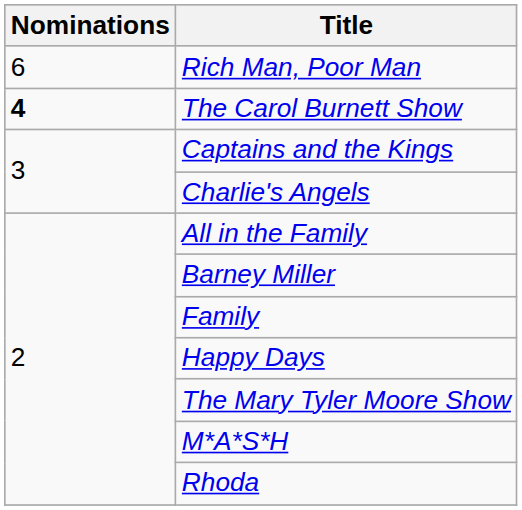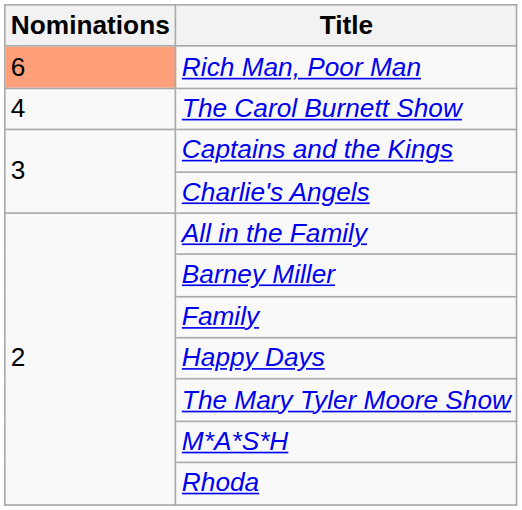 <table class="wikitable">
 <tr>
 <th>Nominations</th>
 <th>Title</th>
 </tr>
 <tr>
-<td>6</td>
+<td style="background: lightsalmon;">6</td>
 <td><em><a href='#'>Rich Man, Poor Man</a></em></td>
 </tr>
 <tr>
-<td><strong>4</strong></td>
+<td>4</td>
 <td><em><a href='#'>The Carol Burnett Show</a></em></td>
 </tr>
 <tr>
 <td rowspan="2">3</td>
 <td><em><a href='#'>Captains and the Kings</a></em></td>
 </tr>
 <tr>
 <td><em><a href='#'>Charlie's Angels</a></em></td>
 </tr>
 <tr>
 <td rowspan="7">2</td>
 <td><em><a href='#'>All in the Family</a></em></td>
 </tr>
 <tr>
 <td><em><a href='#'>Barney Miller</a></em></td>
 </tr>
 <tr>
 <td><em><a href='#'>Family</a></em></td>
 </tr>
 <tr>
 <td><em><a href='#'>Happy Days</a></em></td>
 </tr>
 <tr>
 <td><em><a href='#'>The Mary Tyler Moore Show</a></em></td>
 </tr>
 <tr>
 <td><em><a href='#'>M*A*S*H</a></em></td>
 </tr>
 <tr>
 <td><em><a href='#'>Rhoda</a></em></td>
 </tr>
 </table>
